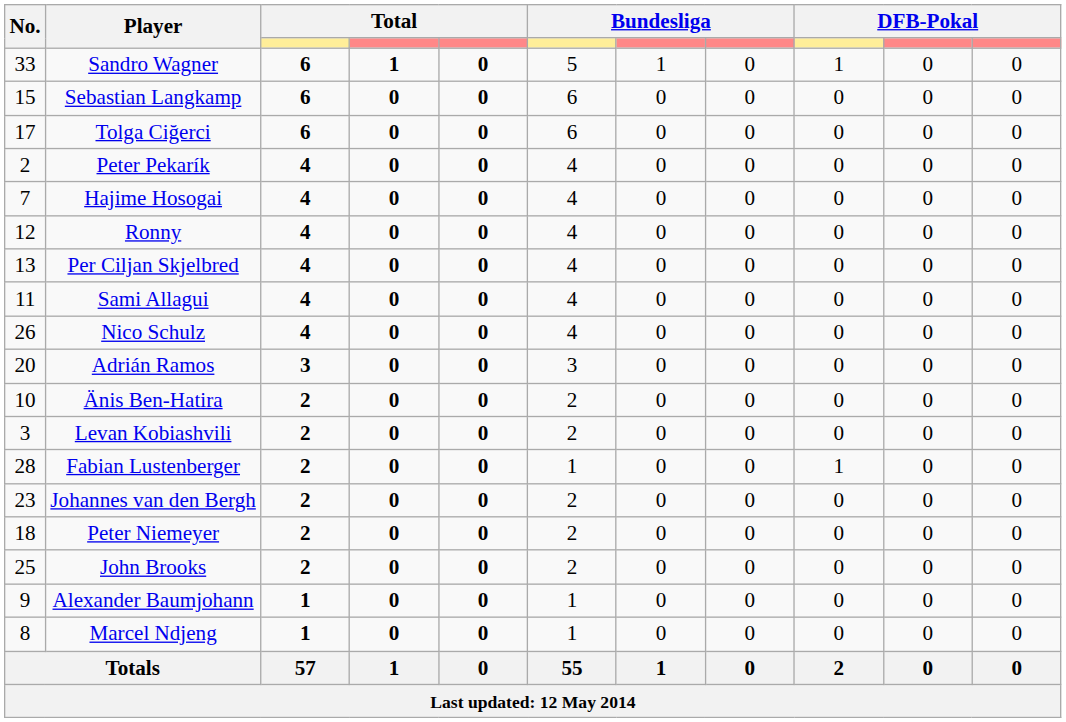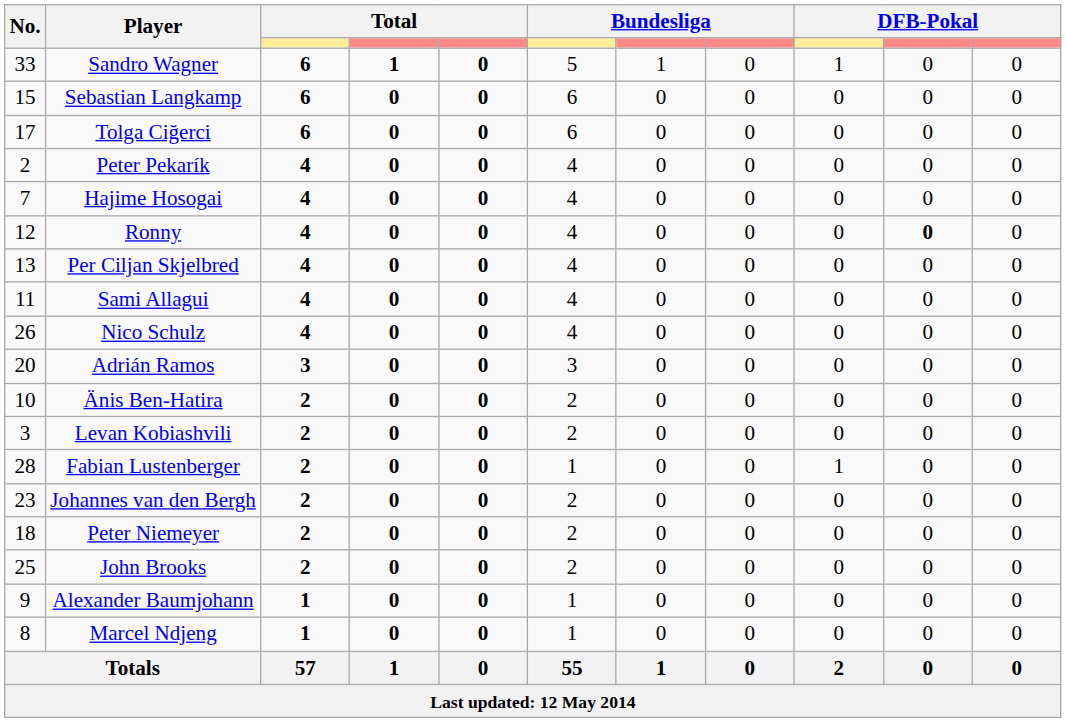 <table class="wikitable" style="text-align:center;">
 <tr style="text-align:center;">
 <th rowspan="2">No.</th>
 <th rowspan="2">Player</th>
 <th colspan="3">Total</th>
 <th colspan="3"><a href='#'>Bundesliga</a></th>
 <th colspan="3"><a href='#'>DFB-Pokal</a></th>
 </tr>
 <tr>
 <th style="width:60px; background:#fe9;"></th>
 <th style="width:60px; background:#ff8888;"></th>
 <th style="width:60px; background:#ff8888;"></th>
 <th style="width:60px; background:#fe9;"></th>
 <th style="width:60px; background:#ff8888;"></th>
 <th style="width:60px; background:#ff8888;"></th>
 <th style="width:60px; background:#fe9;"></th>
 <th style="width:60px; background:#ff8888;"></th>
 <th style="width:60px; background:#ff8888;"></th>
 </tr>
 <tr>
 <td>33</td>
 <td><a href='#'>Sandro Wagner</a></td>
 <td><strong>6</strong> </td>
 <td><strong>1</strong> </td>
 <td><strong>0</strong> </td>
 <td>5 </td>
 <td>1 </td>
 <td>0 </td>
 <td>1 </td>
 <td>0 </td>
 <td>0 </td>
 </tr>
 <tr>
 <td>15</td>
 <td><a href='#'>Sebastian Langkamp</a></td>
 <td><strong>6</strong> </td>
 <td><strong>0</strong> </td>
 <td><strong>0</strong> </td>
 <td>6 </td>
 <td>0 </td>
 <td>0 </td>
 <td>0 </td>
 <td>0 </td>
 <td>0 </td>
 </tr>
 <tr>
 <td>17</td>
 <td><a href='#'>Tolga Ciğerci</a></td>
 <td><strong>6</strong> </td>
 <td><strong>0</strong> </td>
 <td><strong>0</strong> </td>
 <td>6 </td>
 <td>0 </td>
 <td>0 </td>
 <td>0 </td>
 <td>0 </td>
 <td>0 </td>
 </tr>
 <tr>
 <td>2</td>
 <td><a href='#'>Peter Pekarík</a></td>
 <td><strong>4</strong> </td>
 <td><strong>0</strong> </td>
 <td><strong>0</strong> </td>
 <td>4 </td>
 <td>0 </td>
 <td>0 </td>
 <td>0 </td>
 <td>0 </td>
 <td>0 </td>
 </tr>
 <tr>
 <td>7</td>
 <td><a href='#'>Hajime Hosogai</a></td>
 <td><strong>4</strong> </td>
 <td><strong>0</strong> </td>
 <td><strong>0</strong> </td>
 <td>4 </td>
 <td>0 </td>
 <td>0 </td>
 <td>0 </td>
 <td>0 </td>
 <td>0 </td>
 </tr>
 <tr>
 <td>12</td>
 <td><a href='#'>Ronny</a></td>
 <td><strong>4</strong> </td>
 <td><strong>0</strong> </td>
 <td><strong>0</strong> </td>
 <td>4 </td>
 <td>0 </td>
 <td>0 </td>
 <td>0 </td>
-<td>0 </td>
+<td><strong>0 </strong></td>
 <td>0 </td>
 </tr>
 <tr>
 <td>13</td>
 <td><a href='#'>Per Ciljan Skjelbred</a></td>
 <td><strong>4</strong> </td>
 <td><strong>0</strong> </td>
 <td><strong>0</strong> </td>
 <td>4 </td>
 <td>0 </td>
 <td>0 </td>
 <td>0 </td>
 <td>0 </td>
 <td>0 </td>
 </tr>
 <tr>
 <td>11</td>
 <td><a href='#'>Sami Allagui</a></td>
 <td><strong>4</strong> </td>
 <td><strong>0</strong> </td>
 <td><strong>0</strong> </td>
 <td>4 </td>
 <td>0 </td>
 <td>0 </td>
 <td>0 </td>
 <td>0 </td>
 <td>0 </td>
 </tr>
 <tr>
 <td>26</td>
 <td><a href='#'>Nico Schulz</a></td>
 <td><strong>4</strong> </td>
 <td><strong>0</strong> </td>
 <td><strong>0</strong> </td>
 <td>4 </td>
 <td>0 </td>
 <td>0 </td>
 <td>0 </td>
 <td>0 </td>
 <td>0 </td>
 </tr>
 <tr>
 <td>20</td>
 <td><a href='#'>Adrián Ramos</a></td>
 <td><strong>3</strong> </td>
 <td><strong>0</strong> </td>
 <td><strong>0</strong> </td>
 <td>3 </td>
 <td>0 </td>
 <td>0 </td>
 <td>0 </td>
 <td>0 </td>
 <td>0 </td>
 </tr>
 <tr>
 <td>10</td>
 <td><a href='#'>Änis Ben-Hatira</a></td>
 <td><strong>2</strong> </td>
 <td><strong>0</strong> </td>
 <td><strong>0</strong> </td>
 <td>2 </td>
 <td>0 </td>
 <td>0 </td>
 <td>0 </td>
 <td>0 </td>
 <td>0 </td>
 </tr>
 <tr>
 <td>3</td>
 <td><a href='#'>Levan Kobiashvili</a></td>
 <td><strong>2</strong> </td>
 <td><strong>0</strong> </td>
 <td><strong>0</strong> </td>
 <td>2 </td>
 <td>0 </td>
 <td>0 </td>
 <td>0 </td>
 <td>0 </td>
 <td>0 </td>
 </tr>
 <tr>
 <td>28</td>
 <td><a href='#'>Fabian Lustenberger</a></td>
 <td><strong>2</strong> </td>
 <td><strong>0</strong> </td>
 <td><strong>0</strong> </td>
 <td>1 </td>
 <td>0 </td>
 <td>0 </td>
 <td>1 </td>
 <td>0 </td>
 <td>0 </td>
 </tr>
 <tr>
 <td>23</td>
 <td><a href='#'>Johannes van den Bergh</a></td>
 <td><strong>2</strong> </td>
 <td><strong>0</strong> </td>
 <td><strong>0</strong> </td>
 <td>2 </td>
 <td>0 </td>
 <td>0 </td>
 <td>0 </td>
 <td>0 </td>
 <td>0 </td>
 </tr>
 <tr>
 <td>18</td>
 <td><a href='#'>Peter Niemeyer</a></td>
 <td><strong>2</strong> </td>
 <td><strong>0</strong> </td>
 <td><strong>0</strong> </td>
 <td>2 </td>
 <td>0 </td>
 <td>0 </td>
 <td>0 </td>
 <td>0 </td>
 <td>0 </td>
 </tr>
 <tr>
 <td>25</td>
 <td><a href='#'>John Brooks</a></td>
 <td><strong>2</strong> </td>
 <td><strong>0</strong> </td>
 <td><strong>0</strong> </td>
 <td>2 </td>
 <td>0 </td>
 <td>0 </td>
 <td>0 </td>
 <td>0 </td>
 <td>0 </td>
 </tr>
 <tr>
 <td>9</td>
 <td><a href='#'>Alexander Baumjohann</a></td>
 <td><strong>1</strong> </td>
 <td><strong>0</strong> </td>
 <td><strong>0</strong> </td>
 <td>1 </td>
 <td>0 </td>
 <td>0 </td>
 <td>0 </td>
 <td>0 </td>
 <td>0 </td>
 </tr>
 <tr>
 <td>8</td>
 <td><a href='#'>Marcel Ndjeng</a></td>
 <td><strong>1</strong> </td>
 <td><strong>0</strong> </td>
 <td><strong>0</strong> </td>
 <td>1 </td>
 <td>0 </td>
 <td>0 </td>
 <td>0 </td>
 <td>0 </td>
 <td>0 </td>
 </tr>
 <tr>
 <th colspan="2">Totals</th>
 <th>57 </th>
 <th>1 </th>
 <th>0 </th>
 <th>55 </th>
 <th>1 </th>
 <th>0 </th>
 <th>2 </th>
 <th>0 </th>
 <th>0 </th>
 </tr>
 <tr>
 <th colspan="11"><small>Last updated: 12 May 2014</small></th>
 </tr>
 </table>
